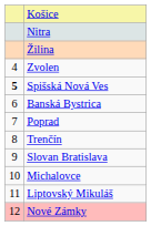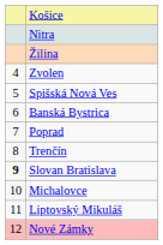 <table class="wikitable" style="width:200px;">
 <tr style="background:#F7F6A8;">
 <td align=center style="width:20px;"></td>
 <td><a href='#'>Košice</a></td>
 </tr>
 <tr style="background:#DCE5E5;">
 <td align=center></td>
 <td><a href='#'>Nitra</a></td>
 </tr>
 <tr style="background:#FFDAB9;">
 <td align=center></td>
 <td><a href='#'>Žilina</a></td>
 </tr>
 <tr>
 <td align=center>4</td>
 <td><a href='#'>Zvolen</a></td>
 </tr>
 <tr>
-<td align=center><strong>5</strong></td>
+<td align=center>5</td>
 <td><a href='#'>Spišská Nová Ves</a></td>
 </tr>
 <tr>
 <td align=center>6</td>
 <td><a href='#'>Banská Bystrica</a></td>
 </tr>
 <tr>
 <td align=center>7</td>
 <td><a href='#'>Poprad</a></td>
 </tr>
 <tr>
 <td align=center>8</td>
 <td><a href='#'>Trenčín</a></td>
 </tr>
 <tr>
-<td align=center>9</td>
+<td align=center><strong>9</strong></td>
 <td><a href='#'>Slovan Bratislava</a></td>
 </tr>
 <tr>
 <td align=center>10</td>
 <td><a href='#'>Michalovce</a></td>
 </tr>
 <tr>
 <td align=center>11</td>
 <td><a href='#'>Liptovský Mikuláš</a></td>
 </tr>
 <tr style="background:#ffbbbb;">
 <td align=center>12</td>
 <td><a href='#'>Nové Zámky</a></td>
 </tr>
 </table>
